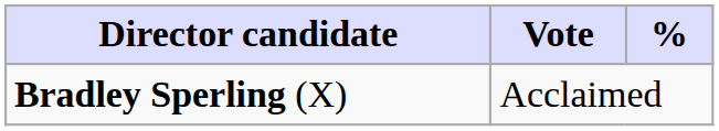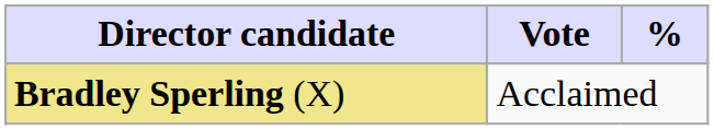 <table class="wikitable">
 <tr>
 <th style="background:#ddf;" width="200px">Director candidate</th>
 <th style="background:#ddf;" width="50px">Vote</th>
 <th style="background:#ddf;" width="30px">%</th>
 </tr>
 <tr>
-<td><strong>Bradley Sperling</strong> (X)</td>
+<td style="background: khaki;"><strong>Bradley Sperling</strong> (X)</td>
 <td colspan="2">Acclaimed</td>
 </tr>
 </table>
